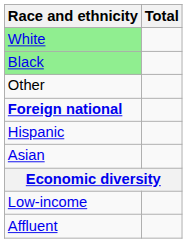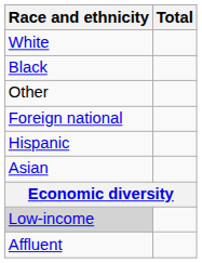 <table class="wikitable floatright sortable collapsible"; text-align:right; font-size:80%;">
 <tr>
 <th>Race and ethnicity</th>
 <th colspan="2" data-sort-type=number>Total</th>
 </tr>
 <tr>
-<td style="background: lightgreen;"><a href='#'>White</a></td>
+<td><a href='#'>White</a></td>
 <td align=right></td>
 </tr>
 <tr>
-<td style="background: lightgreen;"><a href='#'>Black</a></td>
+<td><a href='#'>Black</a></td>
 <td align=right></td>
 </tr>
 <tr>
 <td>Other</td>
 <td align=right></td>
 </tr>
 <tr>
-<td><strong><a href='#'>Foreign national</a></strong></td>
+<td><a href='#'>Foreign national</a></td>
 <td align=right></td>
 </tr>
 <tr>
 <td><a href='#'>Hispanic</a></td>
 <td align=right></td>
 </tr>
 <tr>
 <td><a href='#'>Asian</a></td>
 <td align=right></td>
 </tr>
 <tr>
 <th colspan="4" data-sort-type=number><a href='#'>Economic diversity</a></th>
 </tr>
 <tr>
-<td><a href='#'>Low-income</a></td>
+<td style="background: lightgrey;"><a href='#'>Low-income</a></td>
 <td align=right></td>
 </tr>
 <tr>
 <td><a href='#'>Affluent</a></td>
 <td align=right></td>
 </tr>
 </table>
